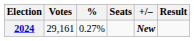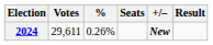 <table class="sortable wikitable">
 <tr>
 <th style="background-color:">Election</th>
 <th style="background-color:">Votes</th>
 <th style="background-color:">%</th>
 <th style="background-color:">Seats</th>
 <th style="background-color:">+/–</th>
 <th style="background-color:">Result</th>
 </tr>
 <tr>
 <th><a href='#'>2024</a></th>
-<td align="center">29,161</td>
-<td align="center">0.27%</td>
+<td align="center">29,611</td>
+<td align="center">0.26%</td>
 <td></td>
 <td><strong><em>New</em></strong></td>
 <td></td>
 </tr>
 </table>
